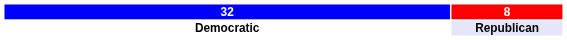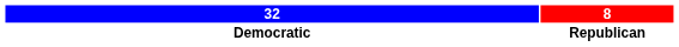 <table style="width:60%; text-align:center;">
 <tr style="color:white;">
 <td style="background:blue; width:80.0%;"><strong>32</strong></td>
 <td style="background:red; width:20.0%;"><strong>8</strong></td>
 </tr>
 <tr>
 <td><span><strong>Democratic</strong></span></td>
-<td style="background: lavender;"><span><strong>Republican</strong></span></td>
+<td><span><strong>Republican</strong></span></td>
 </tr>
 </table>
